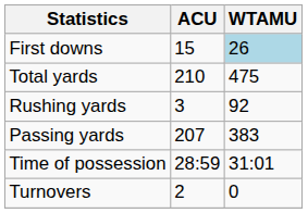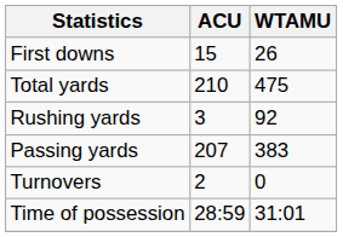 <table class="wikitable">
 <tr>
 <th>Statistics</th>
 <th>ACU</th>
 <th>WTAMU</th>
 </tr>
 <tr>
 <td>First downs</td>
 <td>15</td>
-<td style="background: lightblue;">26</td>
+<td>26</td>
 </tr>
 <tr>
 <td>Total yards</td>
 <td>210</td>
 <td>475</td>
 </tr>
 <tr>
 <td>Rushing yards</td>
 <td>3</td>
 <td>92</td>
 </tr>
 <tr>
 <td>Passing yards</td>
 <td>207</td>
 <td>383</td>
 </tr>
 <tr>
+<td>Turnovers</td>
+<td>2</td>
+<td>0</td>
+</tr>
+<tr>
 <td>Time of possession</td>
 <td>28:59</td>
 <td>31:01</td>
 </tr>
 <tr>
-<td>Turnovers</td>
-<td>2</td>
-<td>0</td>
-</tr>
-<tr>
 </tr>
 </table>
